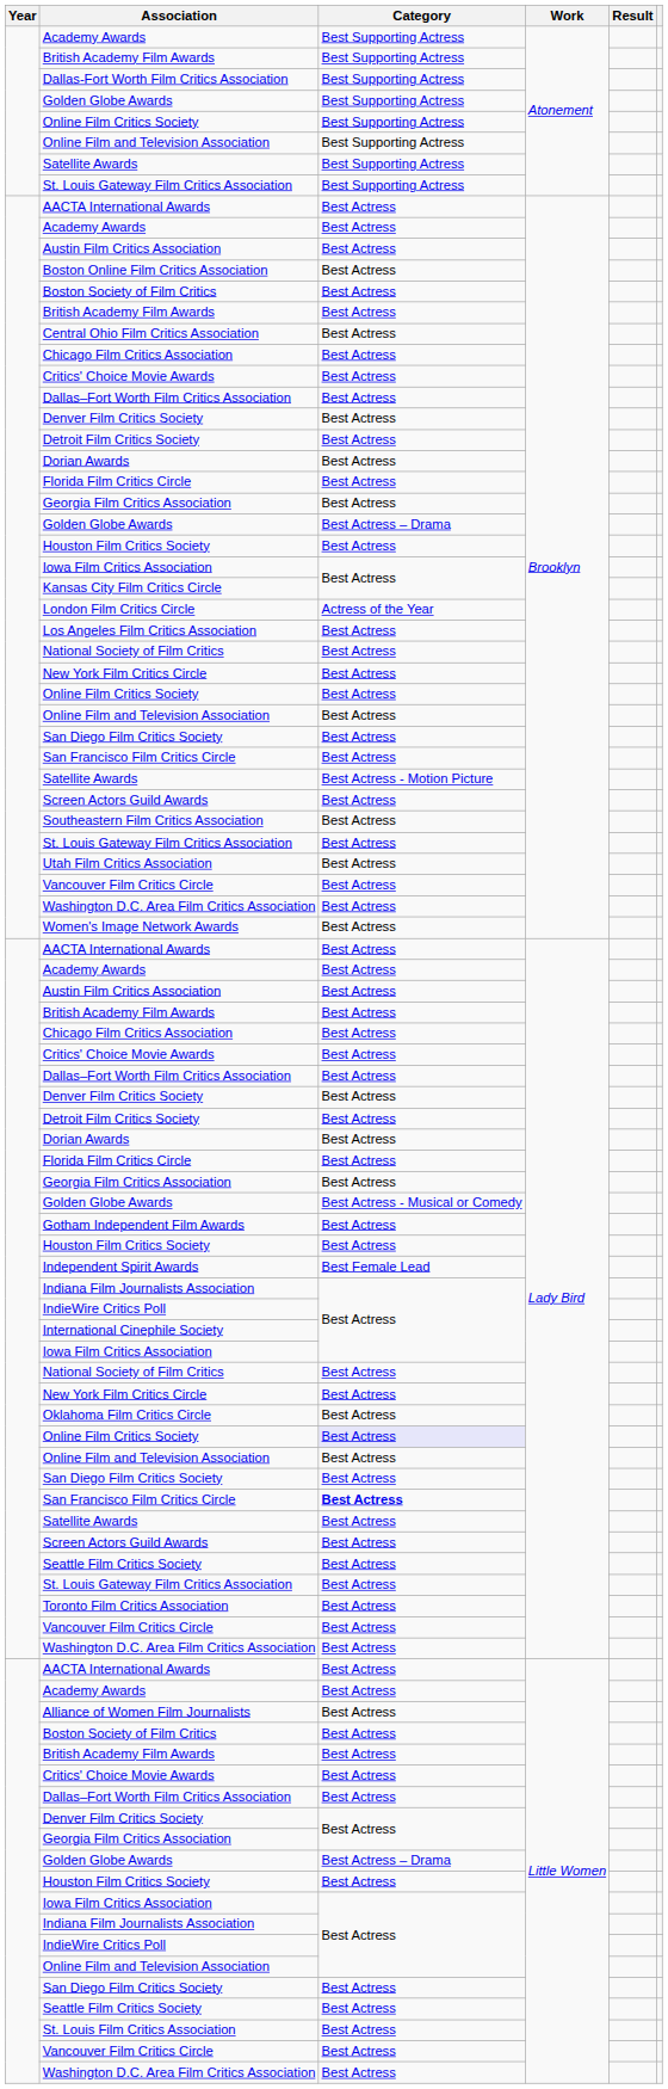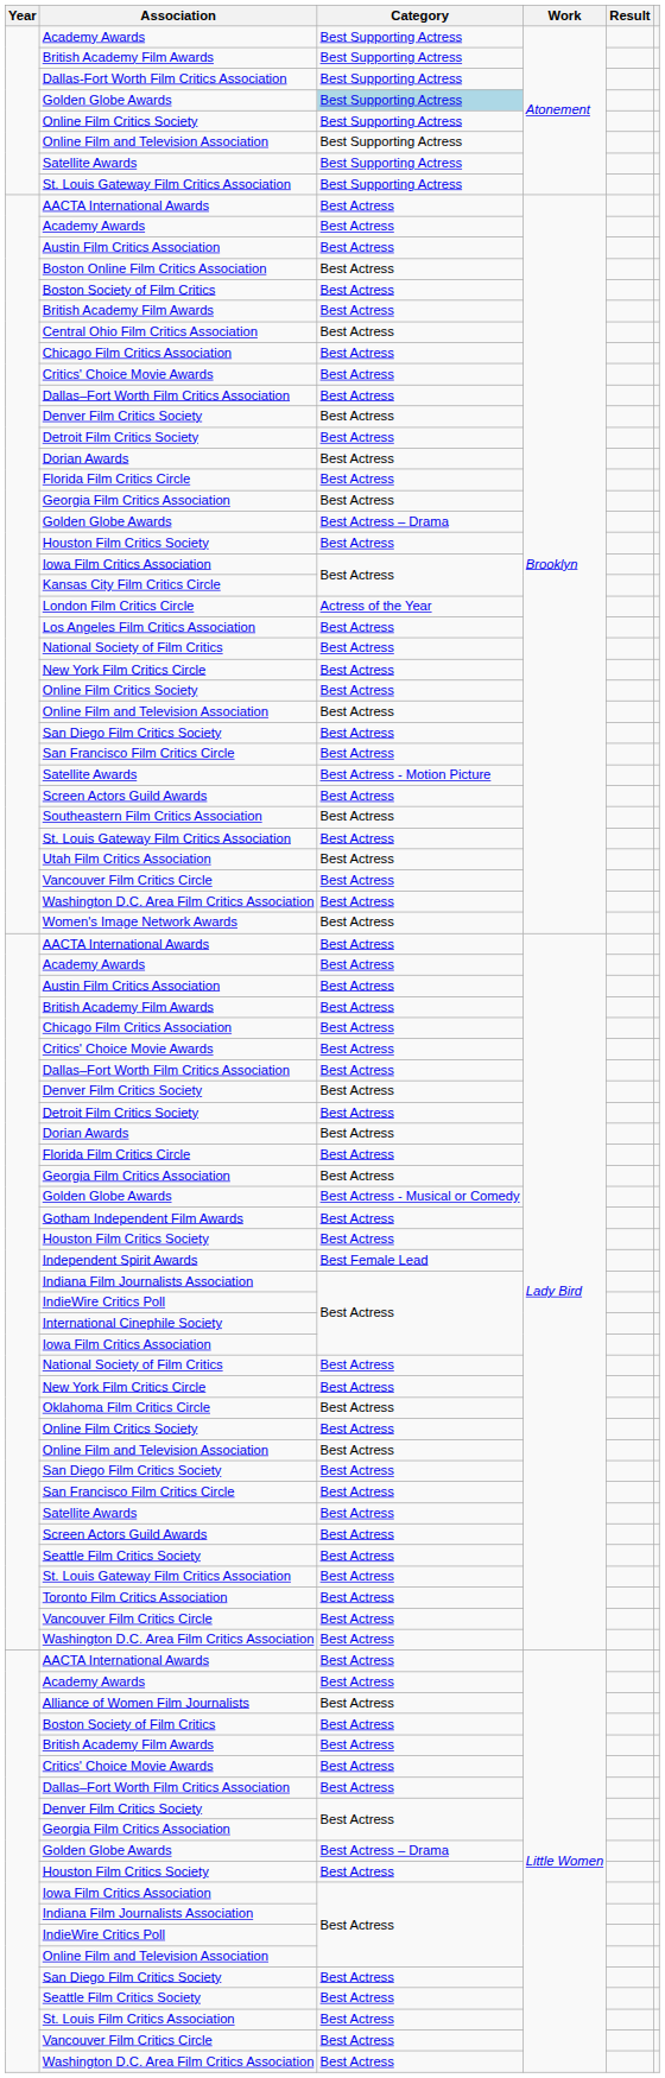 <table class="wikitable sortable plainrowheaders">
 <tr>
 <th scope="col">Year</th>
 <th scope="col">Association</th>
 <th scope="col">Category</th>
 <th scope="col">Work</th>
 <th scope="col">Result</th>
 <th scope="col"></th>
 </tr>
 <tr>
 <td rowspan="8"></td>
 <td><a href='#'>Academy Awards</a></td>
 <td><a href='#'>Best Supporting Actress</a></td>
 <td rowspan="8"><em><a href='#'>Atonement</a></em></td>
 <td></td>
 <td align="center"></td>
 </tr>
 <tr>
 <td><a href='#'>British Academy Film Awards</a></td>
 <td><a href='#'>Best Supporting Actress</a></td>
 <td></td>
 <td align="center"></td>
 </tr>
 <tr>
 <td><a href='#'>Dallas-Fort Worth Film Critics Association</a></td>
 <td><a href='#'>Best Supporting Actress</a></td>
 <td></td>
 <td align="center"></td>
 </tr>
 <tr>
 <td><a href='#'>Golden Globe Awards</a></td>
-<td><a href='#'>Best Supporting Actress</a></td>
+<td style="background: lightblue;"><a href='#'>Best Supporting Actress</a></td>
 <td></td>
 <td align="center"></td>
 </tr>
 <tr>
 <td><a href='#'>Online Film Critics Society</a></td>
 <td><a href='#'>Best Supporting Actress</a></td>
 <td></td>
 <td align="center"></td>
 </tr>
 <tr>
 <td><a href='#'>Online Film and Television Association</a></td>
 <td>Best Supporting Actress</td>
 <td></td>
 <td></td>
 </tr>
 <tr>
 <td><a href='#'>Satellite Awards</a></td>
 <td><a href='#'>Best Supporting Actress</a></td>
 <td></td>
 <td align="center"></td>
 </tr>
 <tr>
 <td><a href='#'>St. Louis Gateway Film Critics Association</a></td>
 <td><a href='#'>Best Supporting Actress</a></td>
 <td></td>
 <td align="center"></td>
 </tr>
 <tr>
 <td rowspan="35"></td>
 <td><a href='#'>AACTA International Awards</a></td>
 <td><a href='#'>Best Actress</a></td>
 <td rowspan="35"><em><a href='#'>Brooklyn</a></em></td>
 <td></td>
 <td style="text-align:center;2"></td>
 </tr>
 <tr>
 <td><a href='#'>Academy Awards</a></td>
 <td><a href='#'>Best Actress</a></td>
 <td></td>
 <td align="center"></td>
 </tr>
 <tr>
 <td><a href='#'>Austin Film Critics Association</a></td>
 <td><a href='#'>Best Actress</a></td>
 <td></td>
 <td style="text-align:center;"></td>
 </tr>
 <tr>
 <td><a href='#'>Boston Online Film Critics Association</a></td>
 <td>Best Actress</td>
 <td></td>
 <td style="text-align: center;"></td>
 </tr>
 <tr>
 <td><a href='#'>Boston Society of Film Critics</a></td>
 <td><a href='#'>Best Actress</a></td>
 <td></td>
 <td style="text-align:center;"></td>
 </tr>
 <tr>
 <td><a href='#'>British Academy Film Awards</a></td>
 <td><a href='#'>Best Actress</a></td>
 <td></td>
 <td style="text-align:center;"></td>
 </tr>
 <tr>
 <td><a href='#'>Central Ohio Film Critics Association</a></td>
 <td>Best Actress</td>
 <td></td>
 <td></td>
 </tr>
 <tr>
 <td><a href='#'>Chicago Film Critics Association</a></td>
 <td><a href='#'>Best Actress</a></td>
 <td></td>
 <td style="text-align:center;"></td>
 </tr>
 <tr>
 <td><a href='#'>Critics' Choice Movie Awards</a></td>
 <td><a href='#'>Best Actress</a></td>
 <td></td>
 <td style="text-align:center;"></td>
 </tr>
 <tr>
 <td><a href='#'>Dallas–Fort Worth Film Critics Association</a></td>
 <td><a href='#'>Best Actress</a></td>
 <td></td>
 <td style="text-align:center;"></td>
 </tr>
 <tr>
 <td><a href='#'>Denver Film Critics Society</a></td>
 <td>Best Actress</td>
 <td></td>
 <td></td>
 </tr>
 <tr>
 <td><a href='#'>Detroit Film Critics Society</a></td>
 <td><a href='#'>Best Actress</a></td>
 <td></td>
 <td style="text-align:center;"></td>
 </tr>
 <tr>
 <td><a href='#'>Dorian Awards</a></td>
 <td>Best Actress</td>
 <td></td>
 <td style="text-align:center;"></td>
 </tr>
 <tr>
 <td><a href='#'>Florida Film Critics Circle</a></td>
 <td><a href='#'>Best Actress</a></td>
 <td></td>
 <td style="text-align:center;"></td>
 </tr>
 <tr>
 <td><a href='#'>Georgia Film Critics Association</a></td>
 <td>Best Actress</td>
 <td></td>
 <td></td>
 </tr>
 <tr>
 <td><a href='#'>Golden Globe Awards</a></td>
 <td><a href='#'>Best Actress – Drama</a></td>
 <td></td>
 <td style="text-align:center;"></td>
 </tr>
 <tr>
 <td><a href='#'>Houston Film Critics Society</a></td>
 <td><a href='#'>Best Actress</a></td>
 <td></td>
 <td style="text-align:center;"></td>
 </tr>
 <tr>
 <td><a href='#'>Iowa Film Critics Association</a></td>
 <td rowspan="2">Best Actress</td>
 <td></td>
 <td></td>
 </tr>
 <tr>
 <td><a href='#'>Kansas City Film Critics Circle</a></td>
 <td></td>
 <td></td>
 </tr>
 <tr>
 <td><a href='#'>London Film Critics Circle</a></td>
 <td><a href='#'>Actress of the Year</a></td>
 <td></td>
 <td style="text-align:center;"></td>
 </tr>
 <tr>
 <td><a href='#'>Los Angeles Film Critics Association</a></td>
 <td><a href='#'>Best Actress</a></td>
 <td></td>
 <td style="text-align:center;"></td>
 </tr>
 <tr>
 <td><a href='#'>National Society of Film Critics</a></td>
 <td><a href='#'>Best Actress</a></td>
 <td></td>
 <td style="text-align:center;"></td>
 </tr>
 <tr>
 <td><a href='#'>New York Film Critics Circle</a></td>
 <td><a href='#'>Best Actress</a></td>
 <td></td>
 <td style="text-align:center;"></td>
 </tr>
 <tr>
 <td><a href='#'>Online Film Critics Society</a></td>
 <td><a href='#'>Best Actress</a></td>
 <td></td>
 <td style="text-align:center;"></td>
 </tr>
 <tr>
 <td><a href='#'>Online Film and Television Association</a></td>
 <td>Best Actress</td>
 <td></td>
 <td></td>
 </tr>
 <tr>
 <td><a href='#'>San Diego Film Critics Society</a></td>
 <td><a href='#'>Best Actress</a></td>
 <td></td>
 <td style="text-align:center;"></td>
 </tr>
 <tr>
 <td><a href='#'>San Francisco Film Critics Circle</a></td>
 <td><a href='#'>Best Actress</a></td>
 <td></td>
 <td style="text-align:center;"></td>
 </tr>
 <tr>
 <td><a href='#'>Satellite Awards</a></td>
 <td><a href='#'>Best Actress - Motion Picture</a></td>
 <td></td>
 <td style="text-align:center;"></td>
 </tr>
 <tr>
 <td><a href='#'>Screen Actors Guild Awards</a></td>
 <td><a href='#'>Best Actress</a></td>
 <td></td>
 <td style="text-align:center;"></td>
 </tr>
 <tr>
 <td><a href='#'>Southeastern Film Critics Association</a></td>
 <td>Best Actress</td>
 <td></td>
 <td align="center"></td>
 </tr>
 <tr>
 <td><a href='#'>St. Louis Gateway Film Critics Association</a></td>
 <td><a href='#'>Best Actress</a></td>
 <td></td>
 <td style="text-align:center;"></td>
 </tr>
 <tr>
 <td><a href='#'>Utah Film Critics Association</a></td>
 <td>Best Actress</td>
 <td></td>
 <td style="text-align: center;"></td>
 </tr>
 <tr>
 <td><a href='#'>Vancouver Film Critics Circle</a></td>
 <td><a href='#'>Best Actress</a></td>
 <td></td>
 <td style="text-align:center;"></td>
 </tr>
 <tr>
 <td><a href='#'>Washington D.C. Area Film Critics Association</a></td>
 <td><a href='#'>Best Actress</a></td>
 <td></td>
 <td style="text-align:center;"></td>
 </tr>
 <tr>
 <td><a href='#'>Women's Image Network Awards</a></td>
 <td>Best Actress</td>
 <td></td>
 <td style="text-align:center;"></td>
 </tr>
 <tr>
 <td rowspan="34"></td>
 <td><a href='#'>AACTA International Awards</a></td>
 <td><a href='#'>Best Actress</a></td>
 <td rowspan="34"><em><a href='#'>Lady Bird</a></em></td>
 <td></td>
 <td style="text-align:center;"></td>
 </tr>
 <tr>
 <td><a href='#'>Academy Awards</a></td>
 <td><a href='#'>Best Actress</a></td>
 <td></td>
 <td style="text-align:center;"></td>
 </tr>
 <tr>
 <td><a href='#'>Austin Film Critics Association</a></td>
 <td><a href='#'>Best Actress</a></td>
 <td></td>
 <td style="text-align:center;"></td>
 </tr>
 <tr>
 <td><a href='#'>British Academy Film Awards</a></td>
 <td><a href='#'>Best Actress</a></td>
 <td></td>
 <td style="text-align:center;"></td>
 </tr>
 <tr>
 <td><a href='#'>Chicago Film Critics Association</a></td>
 <td><a href='#'>Best Actress</a></td>
 <td></td>
 <td style="text-align:center;"></td>
 </tr>
 <tr>
 <td><a href='#'>Critics' Choice Movie Awards</a></td>
 <td><a href='#'>Best Actress</a></td>
 <td></td>
 <td style="text-align:center;"></td>
 </tr>
 <tr>
 <td><a href='#'>Dallas–Fort Worth Film Critics Association</a></td>
 <td><a href='#'>Best Actress</a></td>
 <td></td>
 <td style="text-align:center;"></td>
 </tr>
 <tr>
 <td><a href='#'>Denver Film Critics Society</a></td>
 <td>Best Actress</td>
 <td></td>
 <td></td>
 </tr>
 <tr>
 <td><a href='#'>Detroit Film Critics Society</a></td>
 <td><a href='#'>Best Actress</a></td>
 <td></td>
 <td style="text-align:center;"></td>
 </tr>
 <tr>
 <td><a href='#'>Dorian Awards</a></td>
 <td>Best Actress</td>
 <td></td>
 <td style="text-align:center;"></td>
 </tr>
 <tr>
 <td><a href='#'>Florida Film Critics Circle</a></td>
 <td><a href='#'>Best Actress</a></td>
 <td></td>
 <td style="text-align:center;"></td>
 </tr>
 <tr>
 <td><a href='#'>Georgia Film Critics Association</a></td>
 <td>Best Actress</td>
 <td></td>
 <td style="text-align:center;"></td>
 </tr>
 <tr>
 <td><a href='#'>Golden Globe Awards</a></td>
 <td><a href='#'>Best Actress - Musical or Comedy</a></td>
 <td></td>
 <td style="text-align:center;"></td>
 </tr>
 <tr>
 <td><a href='#'>Gotham Independent Film Awards</a></td>
 <td><a href='#'>Best Actress</a></td>
 <td></td>
 <td style="text-align:center;"></td>
 </tr>
 <tr>
 <td><a href='#'>Houston Film Critics Society</a></td>
 <td><a href='#'>Best Actress</a></td>
 <td></td>
 <td style="text-align:center;"></td>
 </tr>
 <tr>
 <td><a href='#'>Independent Spirit Awards</a></td>
 <td><a href='#'>Best Female Lead</a></td>
 <td></td>
 <td style="text-align:center;"></td>
 </tr>
 <tr>
 <td><a href='#'>Indiana Film Journalists Association</a></td>
 <td rowspan="4">Best Actress</td>
 <td></td>
 <td></td>
 </tr>
 <tr>
 <td><a href='#'>IndieWire Critics Poll</a></td>
 <td></td>
 <td style="text-align:center;"></td>
 </tr>
 <tr>
 <td><a href='#'>International Cinephile Society</a></td>
 <td></td>
 <td></td>
 </tr>
 <tr>
 <td><a href='#'>Iowa Film Critics Association</a></td>
 <td></td>
 <td></td>
 </tr>
 <tr>
 <td><a href='#'>National Society of Film Critics</a></td>
 <td><a href='#'>Best Actress</a></td>
 <td></td>
 <td style="text-align:center;"></td>
 </tr>
 <tr>
 <td><a href='#'>New York Film Critics Circle</a></td>
 <td><a href='#'>Best Actress</a></td>
 <td></td>
 <td style="text-align:center;"></td>
 </tr>
 <tr>
 <td><a href='#'>Oklahoma Film Critics Circle</a></td>
 <td>Best Actress</td>
 <td></td>
 <td></td>
 </tr>
 <tr>
 <td><a href='#'>Online Film Critics Society</a></td>
-<td style="background: lavender;"><a href='#'>Best Actress</a></td>
+<td><a href='#'>Best Actress</a></td>
 <td></td>
 <td style="text-align:center;"></td>
 </tr>
 <tr>
 <td><a href='#'>Online Film and Television Association</a></td>
 <td>Best Actress</td>
 <td></td>
 <td align="center"></td>
 </tr>
 <tr>
 <td><a href='#'>San Diego Film Critics Society</a></td>
 <td><a href='#'>Best Actress</a></td>
 <td></td>
 <td style="text-align:center;"></td>
 </tr>
 <tr>
 <td><a href='#'>San Francisco Film Critics Circle</a></td>
-<td><strong><a href='#'>Best Actress</a></strong></td>
+<td><a href='#'>Best Actress</a></td>
 <td></td>
 <td style="text-align:center;"></td>
 </tr>
 <tr>
 <td><a href='#'>Satellite Awards</a></td>
 <td><a href='#'>Best Actress</a></td>
 <td></td>
 <td style="text-align:center;"></td>
 </tr>
 <tr>
 <td><a href='#'>Screen Actors Guild Awards</a></td>
 <td><a href='#'>Best Actress</a></td>
 <td></td>
 <td style="text-align:center;"></td>
 </tr>
 <tr>
 <td><a href='#'>Seattle Film Critics Society</a></td>
 <td><a href='#'>Best Actress</a></td>
 <td></td>
 <td style="text-align:center;"></td>
 </tr>
 <tr>
 <td><a href='#'>St. Louis Gateway Film Critics Association</a></td>
 <td><a href='#'>Best Actress</a></td>
 <td></td>
 <td style="text-align:center;"></td>
 </tr>
 <tr>
 <td><a href='#'>Toronto Film Critics Association</a></td>
 <td><a href='#'>Best Actress</a></td>
 <td></td>
 <td style="text-align:center;"></td>
 </tr>
 <tr>
 <td><a href='#'>Vancouver Film Critics Circle</a></td>
 <td><a href='#'>Best Actress</a></td>
 <td></td>
 <td style="text-align:center;"></td>
 </tr>
 <tr>
 <td><a href='#'>Washington D.C. Area Film Critics Association</a></td>
 <td><a href='#'>Best Actress</a></td>
 <td></td>
 <td style="text-align:center;"></td>
 </tr>
 <tr>
 <td rowspan="20"></td>
 <td><a href='#'>AACTA International Awards</a></td>
 <td><a href='#'>Best Actress</a></td>
 <td rowspan="20"><em><a href='#'>Little Women</a></em></td>
 <td></td>
 <td style="text-align:center;"></td>
 </tr>
 <tr>
 <td><a href='#'>Academy Awards</a></td>
 <td><a href='#'>Best Actress</a></td>
 <td></td>
 <td style="text-align:center;"></td>
 </tr>
 <tr>
 <td><a href='#'>Alliance of Women Film Journalists</a></td>
 <td>Best Actress</td>
 <td></td>
 <td style="text-align:center;"></td>
 </tr>
 <tr>
 <td><a href='#'>Boston Society of Film Critics</a></td>
 <td><a href='#'>Best Actress</a></td>
 <td></td>
 <td style="text-align:center;"></td>
 </tr>
 <tr>
 <td><a href='#'>British Academy Film Awards</a></td>
 <td><a href='#'>Best Actress</a></td>
 <td></td>
 <td style="text-align:center;"></td>
 </tr>
 <tr>
 <td><a href='#'>Critics' Choice Movie Awards</a></td>
 <td><a href='#'>Best Actress</a></td>
 <td></td>
 <td style="text-align:center;"></td>
 </tr>
 <tr>
 <td><a href='#'>Dallas–Fort Worth Film Critics Association</a></td>
 <td><a href='#'>Best Actress</a></td>
 <td></td>
 <td style="text-align:center;"></td>
 </tr>
 <tr>
 <td><a href='#'>Denver Film Critics Society</a></td>
 <td rowspan="2">Best Actress</td>
 <td></td>
 <td align="center"></td>
 </tr>
 <tr>
 <td><a href='#'>Georgia Film Critics Association</a></td>
 <td></td>
 <td style="text-align:center;"></td>
 </tr>
 <tr>
 <td><a href='#'>Golden Globe Awards</a></td>
 <td><a href='#'>Best Actress – Drama</a></td>
 <td></td>
 <td style="text-align:center;"></td>
 </tr>
 <tr>
 <td><a href='#'>Houston Film Critics Society</a></td>
 <td><a href='#'>Best Actress</a></td>
 <td></td>
 <td style="text-align:center;"></td>
 </tr>
 <tr>
 <td><a href='#'>Iowa Film Critics Association</a></td>
 <td rowspan="4">Best Actress</td>
 <td></td>
 <td></td>
 </tr>
 <tr>
 <td><a href='#'>Indiana Film Journalists Association</a></td>
 <td></td>
 <td style="text-align:center;"></td>
 </tr>
 <tr>
 <td><a href='#'>IndieWire Critics Poll</a></td>
 <td></td>
 <td style="text-align:center;"></td>
 </tr>
 <tr>
 <td><a href='#'>Online Film and Television Association</a></td>
 <td></td>
 <td align="center"></td>
 </tr>
 <tr>
 <td><a href='#'>San Diego Film Critics Society</a></td>
 <td><a href='#'>Best Actress</a></td>
 <td></td>
 <td style="text-align:center;"></td>
 </tr>
 <tr>
 <td><a href='#'>Seattle Film Critics Society</a></td>
 <td><a href='#'>Best Actress</a></td>
 <td></td>
 <td style="text-align:center;"></td>
 </tr>
 <tr>
 <td><a href='#'>St. Louis Film Critics Association</a></td>
 <td><a href='#'>Best Actress</a></td>
 <td></td>
 <td style="text-align:center;"></td>
 </tr>
 <tr>
 <td><a href='#'>Vancouver Film Critics Circle</a></td>
 <td><a href='#'>Best Actress</a></td>
 <td></td>
 <td style="text-align:center;"></td>
 </tr>
 <tr>
 <td><a href='#'>Washington D.C. Area Film Critics Association</a></td>
 <td><a href='#'>Best Actress</a></td>
 <td></td>
 <td style="text-align:center;"></td>
 </tr>
 </table>
